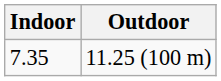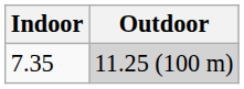 <table class="wikitable" border="1" align="upright">
 <tr>
 <th>Indoor</th>
 <th>Outdoor</th>
 </tr>
 <tr>
 <td>7.35</td>
-<td>11.25 (100 m)</td>
+<td style="background: lightgrey;">11.25 (100 m)</td>
 </tr>
 </table>
